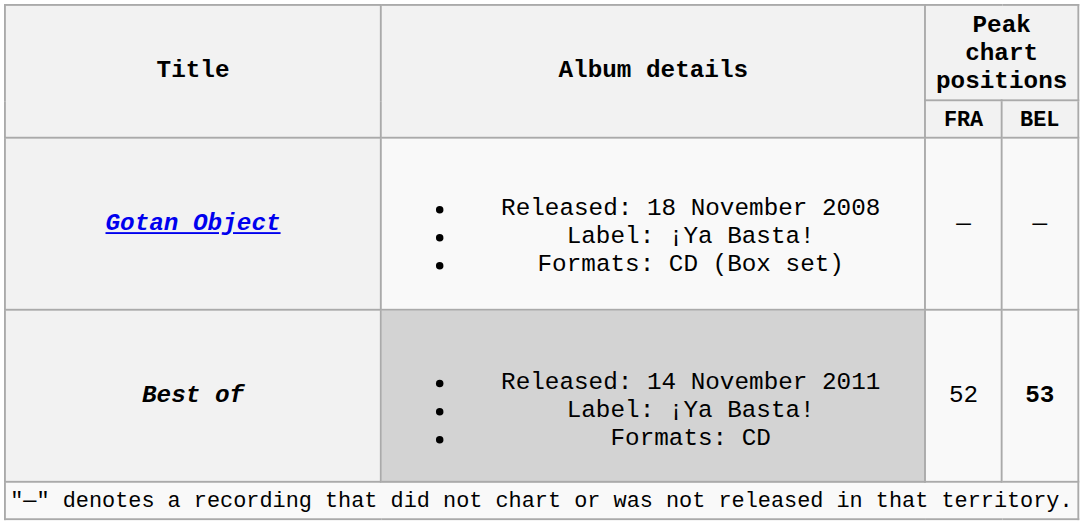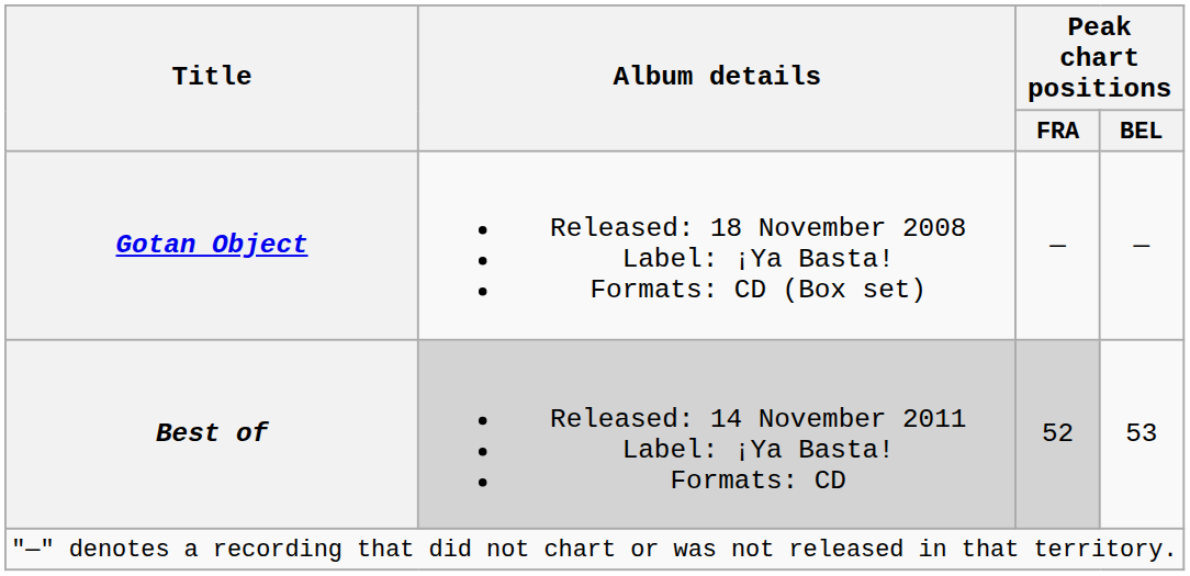 <table class="wikitable plainrowheaders" style="text-align:center;">
 <tr>
 <th scope="col" rowspan=2 style="width:15em;">Title</th>
 <th scope="col" rowspan=2>Album details</th>
 <th scope="col" colspan=2>Peak chart positions</th>
 </tr>
 <tr>
 <th scope="col" style="width:3em;font-size:90%;">FRA<br></th>
 <th scope="col" style="width:3em;font-size:90%;">BEL<br></th>
 </tr>
 <tr>
 <th scope="row"><em><a href='#'>Gotan Object</a></em></th>
 <td><br><ul><li>Released: 18 November 2008</li><li>Label: ¡Ya Basta!</li><li>Formats: CD (Box set)</li></ul></td>
 <td>—</td>
 <td>—</td>
 </tr>
 <tr>
 <th scope="row"><em>Best of</em></th>
 <td style="background: lightgrey;"><br><ul><li>Released: 14 November 2011</li><li>Label: ¡Ya Basta!</li><li>Formats: CD</li></ul></td>
-<td>52</td>
-<td><strong>53</strong></td>
+<td style="background: lightgrey;">52</td>
+<td>53</td>
 </tr>
 <tr>
 <td colspan=10 style="font-size:90%">"—" denotes a recording that did not chart or was not released in that territory.</td>
 </tr>
 </table>
